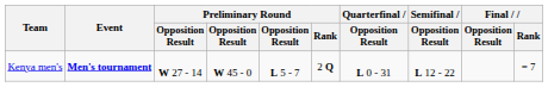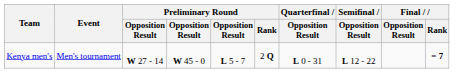 <table class=wikitable style=font-size:90%;text-align:center>
 <tr>
 <th rowspan=2>Team</th>
 <th rowspan=2>Event</th>
 <th colspan=4>Preliminary Round</th>
 <th>Quarterfinal / </th>
 <th>Semifinal / </th>
 <th colspan=2>Final /  / </th>
 </tr>
 <tr style=font-size:95%>
 <th>Opposition<br>Result</th>
 <th>Opposition<br>Result</th>
 <th>Opposition<br>Result</th>
 <th>Rank</th>
 <th>Opposition<br>Result</th>
 <th>Opposition<br>Result</th>
 <th>Opposition<br>Result</th>
 <th>Rank</th>
 </tr>
 <tr>
 <td align=left><a href='#'>Kenya men's</a></td>
-<td align=left><strong><a href='#'>Men's tournament</a></strong></td>
+<td align=left><a href='#'>Men's tournament</a></td>
 <td><br><strong>W</strong> 27 - 14</td>
 <td><br><strong>W</strong> 45 - 0</td>
 <td><br><strong>L</strong> 5 - 7</td>
 <td>2 <strong>Q</strong></td>
 <td><br><strong>L</strong> 0 - 31</td>
 <td><br><strong>L</strong> 12 - 22</td>
 <td></td>
-<td>= 7</td>
+<td><strong>= 7</strong></td>
 </tr>
 </table>
